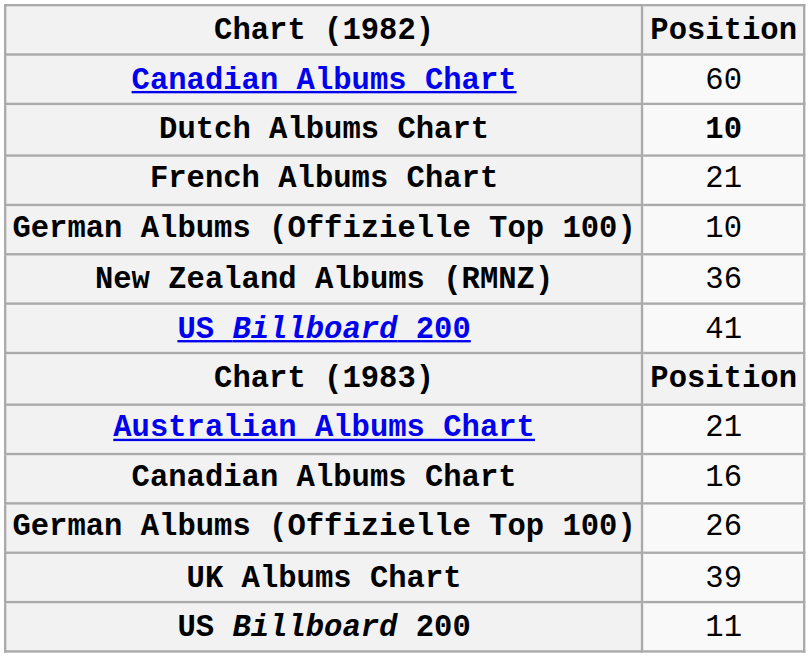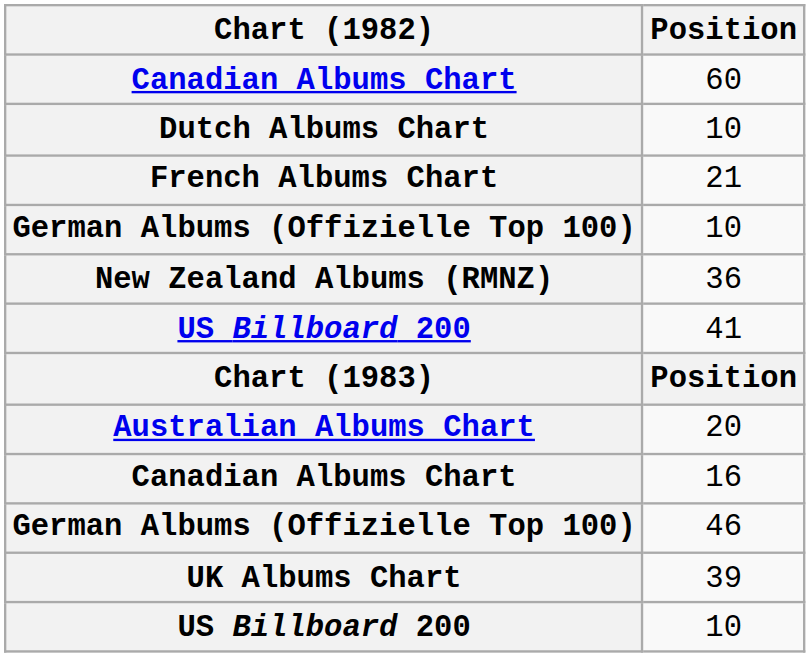 <table class="wikitable plainrowheaders" style="text-align:center;">
 <tr>
 <th>Chart (1982)</th>
 <th>Position</th>
 </tr>
 <tr>
 <th scope="row"><a href='#'>Canadian Albums Chart</a></th>
 <td>60</td>
 </tr>
 <tr>
 <th scope="row">Dutch Albums Chart</th>
-<td><strong>10</strong></td>
+<td>10</td>
 </tr>
 <tr>
 <th scope="row">French Albums Chart</th>
 <td>21</td>
 </tr>
 <tr>
 <th scope="row">German Albums (Offizielle Top 100)</th>
 <td>10</td>
 </tr>
 <tr>
 <th scope="row">New Zealand Albums (RMNZ)</th>
 <td>36</td>
 </tr>
 <tr>
 <th scope="row"><a href='#'>US <em>Billboard</em> 200</a></th>
 <td>41</td>
 </tr>
 <tr>
 <th>Chart (1983)</th>
 <th>Position</th>
 </tr>
 <tr>
 <th scope="row"><a href='#'>Australian Albums Chart</a></th>
-<td>21</td>
+<td>20</td>
 </tr>
 <tr>
 <th scope="row">Canadian Albums Chart</th>
 <td>16</td>
 </tr>
 <tr>
 <th scope="row">German Albums (Offizielle Top 100)</th>
-<td>26</td>
+<td>46</td>
 </tr>
 <tr>
 <th scope="row">UK Albums Chart</th>
 <td>39</td>
 </tr>
 <tr>
 <th scope="row">US <em>Billboard</em> 200</th>
-<td>11</td>
+<td>10</td>
 </tr>
 </table>
